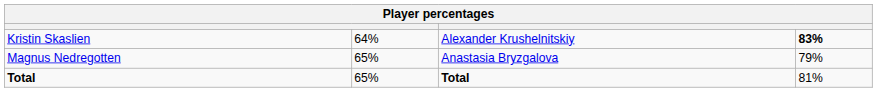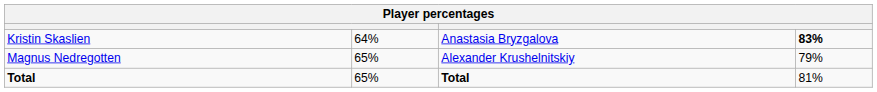 <table class="wikitable">
 <tr>
 <th colspan=4 width=400>Player percentages</th>
 </tr>
 <tr>
 <th colspan=2 width=25% style="white-space:nowrap;"></th>
 <th colspan=2 width=25% style="white-space:nowrap;"></th>
 </tr>
 <tr>
 <td><a href='#'>Kristin Skaslien</a></td>
 <td>64%</td>
-<td><a href='#'>Alexander Krushelnitskiy</a></td>
+<td><a href='#'>Anastasia Bryzgalova</a></td>
 <td><strong>83%</strong></td>
 </tr>
 <tr>
 <td><a href='#'>Magnus Nedregotten</a></td>
 <td>65%</td>
-<td><a href='#'>Anastasia Bryzgalova</a></td>
+<td><a href='#'>Alexander Krushelnitskiy</a></td>
 <td>79%</td>
 </tr>
 <tr>
 <td><strong>Total</strong></td>
 <td>65%</td>
 <td><strong>Total</strong></td>
 <td>81%</td>
 </tr>
 </table>
